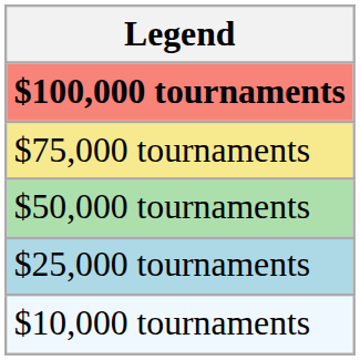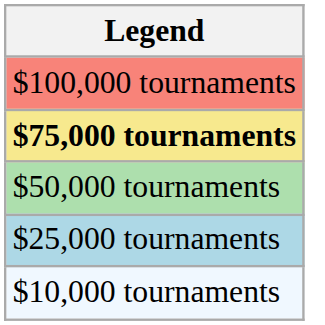 <table class=wikitable style=font-size:85%>
 <tr>
 <th>Legend</th>
 </tr>
 <tr style=background:#f88379>
-<td><strong>$100,000 tournaments</strong></td>
+<td>$100,000 tournaments</td>
 </tr>
 <tr style=background:#f7e98e>
-<td>$75,000 tournaments</td>
+<td><strong>$75,000 tournaments</strong></td>
 </tr>
 <tr style=background:#addfad>
 <td>$50,000 tournaments</td>
 </tr>
 <tr style=background:lightblue>
 <td>$25,000 tournaments</td>
 </tr>
 <tr style=background:#f0f8ff>
 <td>$10,000 tournaments</td>
 </tr>
 </table>
